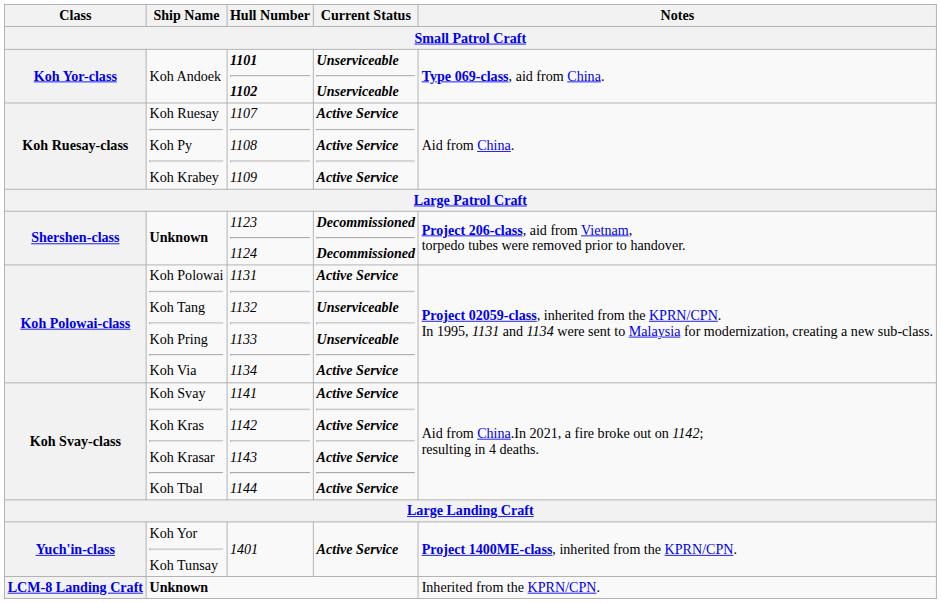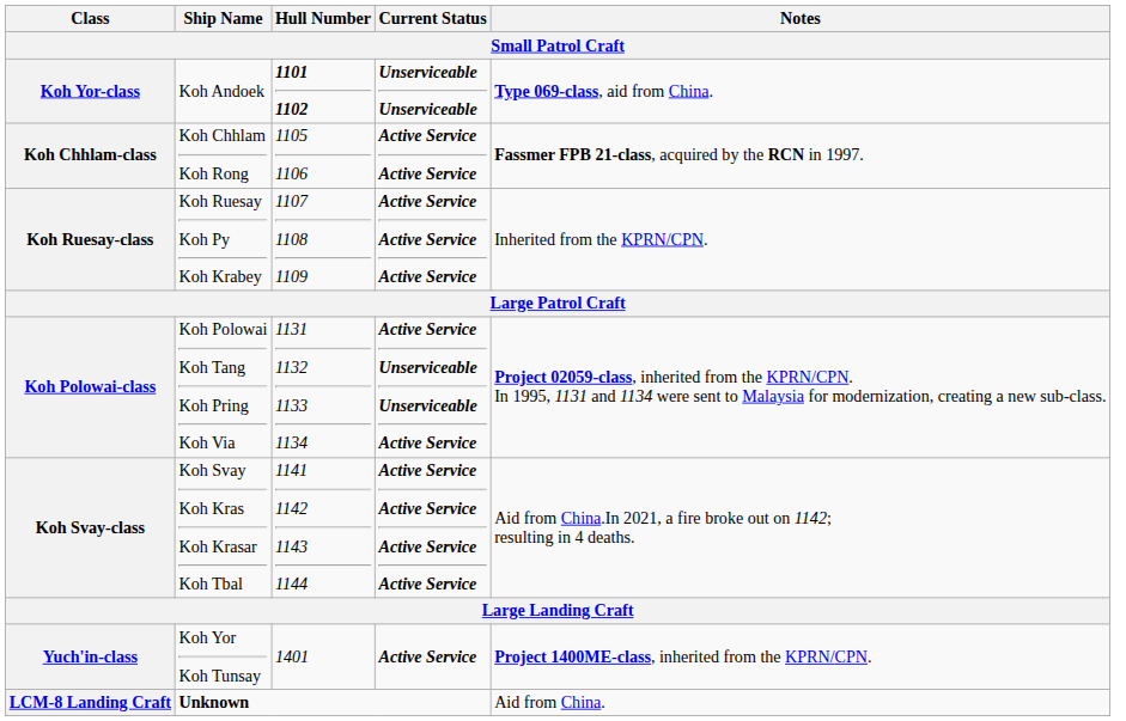 <table class="wikitable">
 <tr>
 <th scope="col">Class</th>
 <th scope="col">Ship Name</th>
 <th scope="col">Hull Number</th>
 <th>Current Status</th>
 <th scope="col">Notes</th>
 </tr>
 <tr>
 <th colspan="5"><a href='#'>Small Patrol Craft</a></th>
 </tr>
 <tr>
 <th scope="row"><a href='#'>Koh Yor-class</a></th>
 <td>Koh Andoek</td>
 <td><strong><em>1101</em><hr> <em>1102</em></strong></td>
 <td><strong><em>Unserviceable</em></strong><hr> <strong><em>Unserviceable</em></strong></td>
 <td><a href='#'><strong>Type 069-class</strong></a>, aid from <a href='#'>China</a>.</td>
 </tr>
 <tr>
+<th scope="row">Koh Chhlam-class</th>
+<td>Koh Chhlam<hr> Koh Rong</td>
+<td><em>1105</em><hr> <em>1106</em></td>
+<td><strong><em>Active Service</em></strong><hr> <strong><em>Active Service</em></strong></td>
+<td><strong>Fassmer FPB 21-class</strong>, acquired by the <strong>RCN</strong> in 1997.</td>
+</tr>
+<tr>
 <th scope="row">Koh Ruesay-class</th>
 <td>Koh Ruesay<hr> Koh Py<hr> Koh Krabey</td>
 <td><em>1107</em><hr> <em>1108</em><hr> <em>1109</em></td>
 <td><strong><em>Active Service</em></strong><hr> <strong><em>Active Service</em></strong><hr> <strong><em>Active Service</em></strong></td>
-<td>Aid from <a href='#'>China</a>.</td>
+<td>Inherited from the <a href='#'>KPRN/</a><a href='#'>CPN</a>.</td>
 </tr>
 <tr>
 <th colspan="5"><a href='#'>Large Patrol Craft</a></th>
-</tr>
-<tr>
-<th scope="row"><a href='#'>Shershen-class</a></th>
-<td><strong>Unknown</strong></td>
-<td><em>1123</em> <hr> <em>1124</em></td>
-<td><strong><em>Decommissioned</em></strong><hr> <strong><em>Decommissioned</em></strong></td>
-<td><a href='#'><strong>Project 206-class</strong></a>, aid from <a href='#'>Vietnam</a>,<br>torpedo tubes were removed prior to handover.</td>
 </tr>
 <tr>
 <th scope="row"><a href='#'>Koh Polowai-class</a></th>
 <td>Koh Polowai <hr> Koh Tang <hr> Koh Pring <hr> Koh Via</td>
 <td><em>1131</em> <hr> <em>1132</em> <hr> <em>1133</em> <hr> <em>1134</em></td>
 <td><strong><em>Active Service</em></strong><hr> <strong><em>Unserviceable</em></strong><hr> <strong><em>Unserviceable</em></strong><hr> <strong><em>Active Service</em></strong></td>
 <td><a href='#'><strong>Project 02059-class</strong></a>, inherited from the <a href='#'>KPRN/</a><a href='#'>CPN</a>.<br>In 1995, <em>1131</em> and <em>1134</em> were sent to <a href='#'>Malaysia</a>  for modernization, creating a new sub-class.</td>
 </tr>
 <tr>
 <th scope="row">Koh Svay-class</th>
 <td>Koh Svay <hr> Koh Kras <hr> Koh Krasar <hr> Koh Tbal</td>
 <td><em>1141</em> <hr> <em>1142</em> <hr> <em>1143</em> <hr> <em>1144</em></td>
 <td><strong><em>Active Service</em></strong><hr> <strong><em>Active Service</em></strong><hr> <strong><em>Active Service</em></strong><hr> <strong><em>Active Service</em></strong></td>
 <td>Aid from <a href='#'>China</a>.In 2021, a fire broke out on <em>1142</em>;<br>resulting in 4 deaths.</td>
 </tr>
 <tr>
 <th colspan="5"><a href='#'>Large Landing Craft</a></th>
 </tr>
 <tr>
 <th scope="row"><a href='#'>Yuch'in-class</a></th>
 <td>Koh Yor<hr> Koh Tunsay</td>
 <td><em>1401</em></td>
 <td><strong><em>Active Service</em></strong></td>
 <td><a href='#'><strong>Project 1400ME-class</strong></a>, inherited from the <a href='#'>KPRN/</a><a href='#'>CPN</a>.</td>
 </tr>
 <tr>
 <th scope="row"><a href='#'>LCM-8 Landing Craft</a></th>
 <td colspan="3"><strong>Unknown</strong></td>
-<td>Inherited from the <a href='#'>KPRN/</a><a href='#'>CPN</a>.</td>
+<td>Aid from <a href='#'>China</a>.</td>
 </tr>
 </table>
